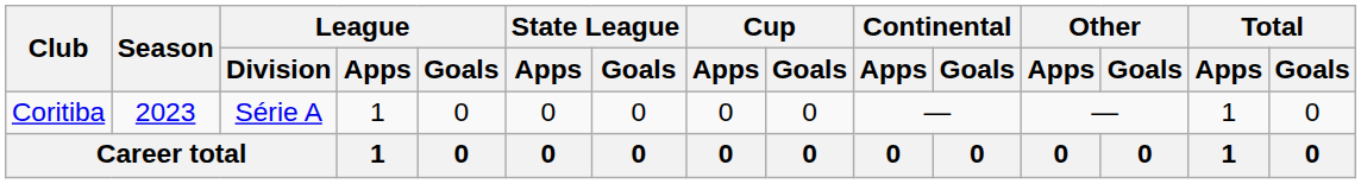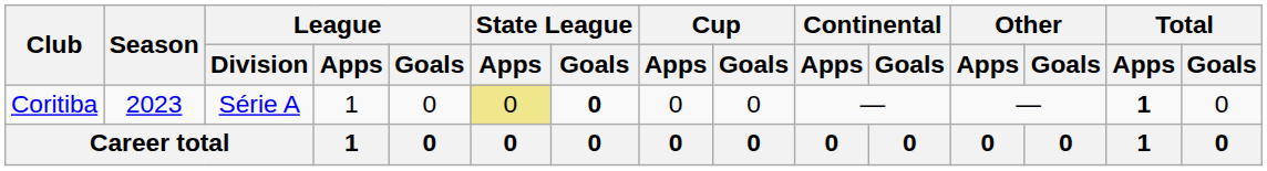 <table class="wikitable" style="text-align: center;">
 <tr>
 <th rowspan="2">Club</th>
 <th rowspan="2">Season</th>
 <th colspan="3">League</th>
 <th colspan="2">State League</th>
 <th colspan="2">Cup</th>
 <th colspan="2">Continental</th>
 <th colspan="2">Other</th>
 <th colspan="2">Total</th>
 </tr>
 <tr>
 <th>Division</th>
 <th>Apps</th>
 <th>Goals</th>
 <th>Apps</th>
 <th>Goals</th>
 <th>Apps</th>
 <th>Goals</th>
 <th>Apps</th>
 <th>Goals</th>
 <th>Apps</th>
 <th>Goals</th>
 <th>Apps</th>
 <th>Goals</th>
 </tr>
 <tr>
 <td valign="center"><a href='#'>Coritiba</a></td>
 <td><a href='#'>2023</a></td>
 <td><a href='#'>Série A</a></td>
 <td>1</td>
 <td>0</td>
-<td>0</td>
-<td>0</td>
+<td style="background: khaki;">0</td>
+<td><strong>0</strong></td>
 <td>0</td>
 <td>0</td>
 <td colspan="2">—</td>
 <td colspan="2">—</td>
-<td>1</td>
+<td><strong>1</strong></td>
 <td>0</td>
 </tr>
 <tr>
 <th colspan="3"><strong>Career total</strong></th>
 <th>1</th>
 <th>0</th>
 <th>0</th>
 <th>0</th>
 <th>0</th>
 <th>0</th>
 <th>0</th>
 <th>0</th>
 <th>0</th>
 <th>0</th>
 <th>1</th>
 <th>0</th>
 </tr>
 </table>
